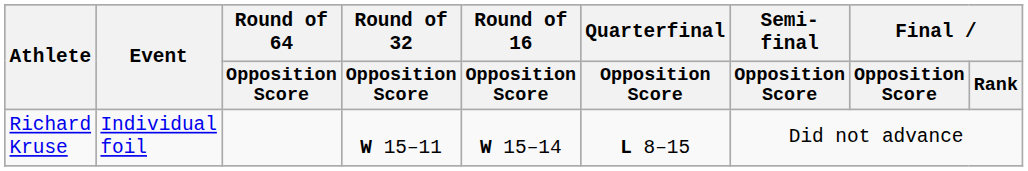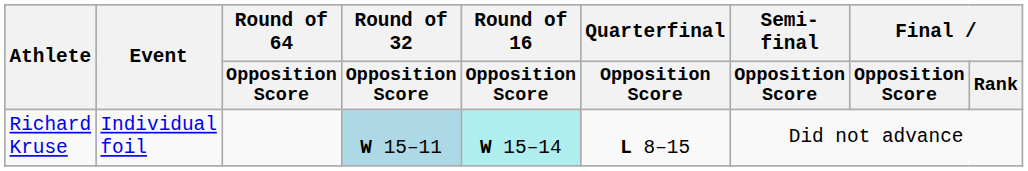 <table class="wikitable" style="font-size:90%">
 <tr>
 <th rowspan="2">Athlete</th>
 <th rowspan="2">Event</th>
 <th>Round of 64</th>
 <th>Round of 32</th>
 <th>Round of 16</th>
 <th>Quarterfinal</th>
 <th>Semi-final</th>
 <th colspan=2>Final / </th>
 </tr>
 <tr style="font-size:95%">
 <th>Opposition <br> Score</th>
 <th>Opposition <br> Score</th>
 <th>Opposition <br> Score</th>
 <th>Opposition <br> Score</th>
 <th>Opposition <br> Score</th>
 <th>Opposition <br> Score</th>
 <th>Rank</th>
 </tr>
 <tr align=center>
 <td align=left><a href='#'>Richard Kruse</a></td>
 <td align=left><a href='#'>Individual foil</a></td>
 <td></td>
-<td><br><strong>W</strong> 15–11</td>
-<td><br><strong>W</strong> 15–14</td>
+<td style="background: lightblue;"><br><strong>W</strong> 15–11</td>
+<td style="background: paleturquoise;"><br><strong>W</strong> 15–14</td>
 <td><br><strong>L</strong> 8–15</td>
 <td colspan=3>Did not advance</td>
 </tr>
 </table>
